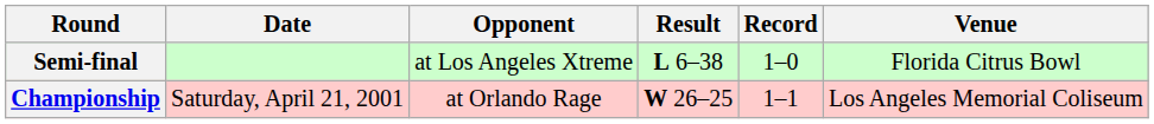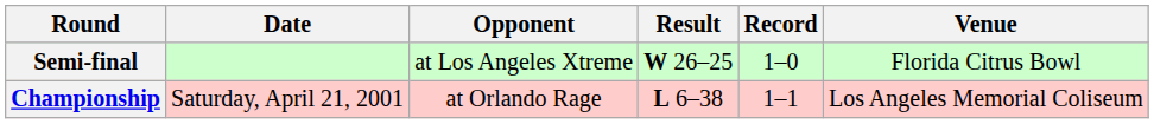 <table class="wikitable" style="text-align:center">
 <tr>
 <th>Round</th>
 <th>Date</th>
 <th>Opponent</th>
 <th>Result</th>
 <th>Record</th>
 <th>Venue</th>
 </tr>
 <tr style="background:#cfc">
 <th>Semi-final</th>
 <td></td>
 <td>at Los Angeles Xtreme</td>
-<td><strong>L</strong> 6–38</td>
+<td><strong>W</strong> 26–25</td>
 <td>1–0</td>
 <td>Florida Citrus Bowl</td>
 </tr>
 <tr style="background:#fcc">
 <th><a href='#'>Championship</a></th>
 <td>Saturday, April 21, 2001</td>
 <td>at Orlando Rage</td>
-<td><strong>W</strong> 26–25</td>
+<td><strong>L</strong> 6–38</td>
 <td>1–1</td>
 <td>Los Angeles Memorial Coliseum</td>
 </tr>
 </table>
